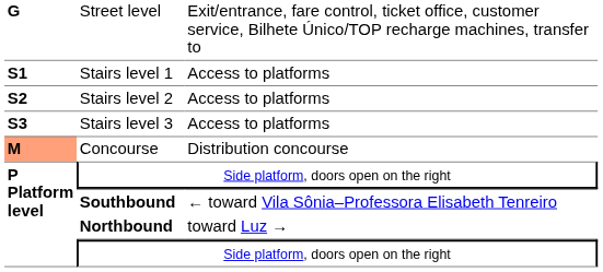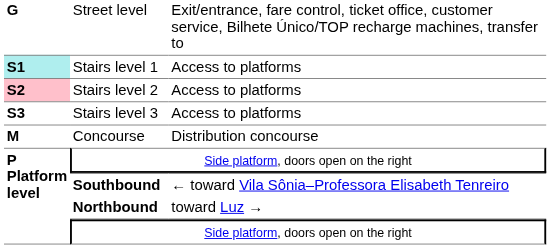 <table table border=0 cellspacing=0 cellpadding=3>
 <tr>
 <td style="vertical-align:top;" width=50><strong>G</strong></td>
 <td style="vertical-align:top;" width=100>Street level</td>
 <td style="vertical-align:top;" width=400>Exit/entrance, fare control, ticket office, customer service, Bilhete Único/TOP recharge machines, transfer to </td>
 </tr>
 <tr>
-<td style="border-top:solid 1px gray;vertical-align:top;"><strong>S1</strong></td>
+<td style="background: paleturquoise; border-top:solid 1px gray;vertical-align:top;"><strong>S1</strong></td>
 <td style="border-top:solid 1px gray;vertical-align:top;">Stairs level 1</td>
 <td style="border-top:solid 1px gray;vertical-align:top;">Access to platforms</td>
 </tr>
 <tr>
-<td style="border-top:solid 1px gray;vertical-align:top;"><strong>S2</strong></td>
+<td style="background: pink; border-top:solid 1px gray;vertical-align:top;"><strong>S2</strong></td>
 <td style="border-top:solid 1px gray;vertical-align:top;">Stairs level 2</td>
 <td style="border-top:solid 1px gray;vertical-align:top;">Access to platforms</td>
 </tr>
 <tr>
 <td style="border-top:solid 1px gray;vertical-align:top;"><strong>S3</strong></td>
 <td style="border-top:solid 1px gray;vertical-align:top;">Stairs level 3</td>
 <td style="border-top:solid 1px gray;vertical-align:top;">Access to platforms</td>
 </tr>
 <tr>
-<td style="background: lightsalmon; border-top:solid 1px gray;vertical-align:top;"><strong>M</strong></td>
+<td style="border-top:solid 1px gray;vertical-align:top;"><strong>M</strong></td>
 <td style="border-top:solid 1px gray;vertical-align:top;">Concourse</td>
 <td style="border-top:solid 1px gray;vertical-align:top;">Distribution concourse</td>
 </tr>
 <tr>
 <td style="border-top:solid 1px gray;border-bottom:solid 1px gray;vertical-align:top;" rowspan=5><strong>P<br>Platform level</strong></td>
 </tr>
 <tr>
 <td style="border-top:solid 1px gray;border-right:solid 2px black;border-left:solid 2px black;border-bottom:solid 2px black;text-align:center;" colspan=5><small><a href='#'>Side platform</a>, doors open on the right</small></td>
 </tr>
 <tr>
 <td style="border-top:solid 1px gray;"><span><strong>Southbound</strong></span></td>
 <td style="border-top:solid 1px gray;">←  toward <a href='#'>Vila Sônia–Professora Elisabeth Tenreiro</a></td>
 </tr>
 <tr>
 <td style="border-bottom:solid 1px gray;"><span><strong>Northbound</strong></span></td>
 <td style="border-bottom:solid 1px gray;"> toward <a href='#'>Luz</a> →</td>
 </tr>
 <tr>
 <td style="border-top:solid 2px black;border-right:solid 2px black;border-left:solid 2px black;border-bottom:solid 1px gray;text-align:center;" colspan=5><small><a href='#'>Side platform</a>, doors open on the right</small></td>
 </tr>
 </table>
